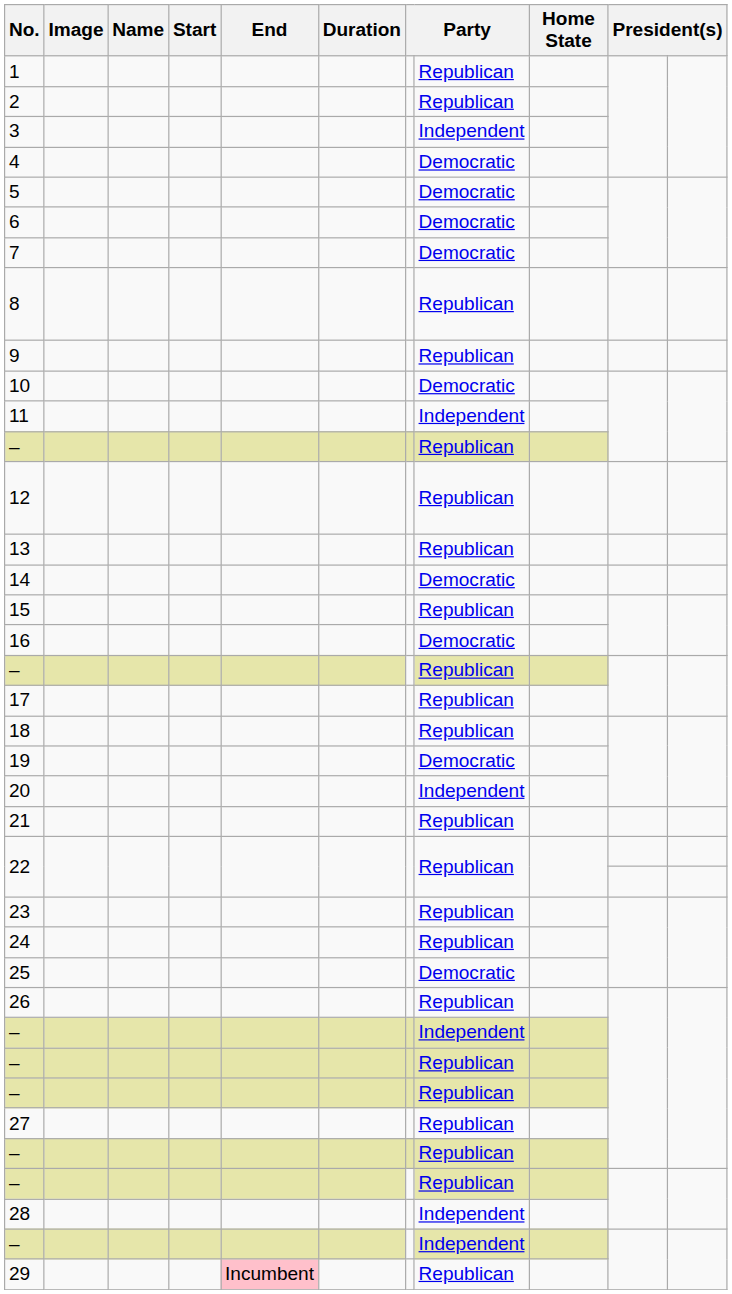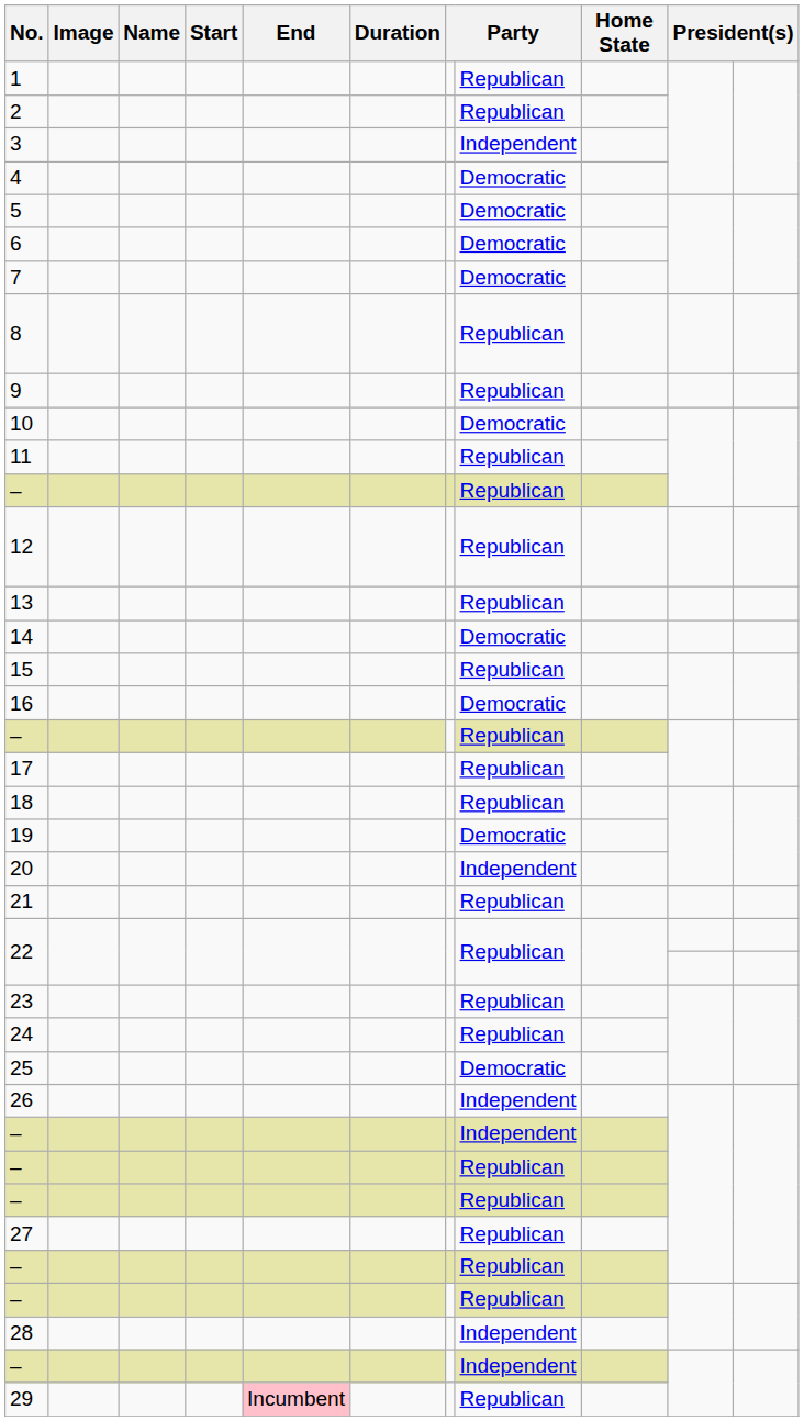 <table class="wikitable sortable">
 <tr>
 <th>No.</th>
 <th class=unsortable>Image</th>
 <th>Name</th>
 <th>Start</th>
 <th>End</th>
 <th>Duration</th>
 <th colspan=2>Party</th>
 <th>Home State</th>
 <th colspan=2>President(s)</th>
 </tr>
 <tr>
 <td>1</td>
 <td></td>
 <td></td>
 <td></td>
 <td></td>
 <td></td>
 <td style="background: "></td>
 <td><a href='#'>Republican</a></td>
 <td></td>
 <td rowspan=4 style="background: "></td>
 <td rowspan=4><br></td>
 </tr>
 <tr>
 <td>2</td>
 <td></td>
 <td></td>
 <td></td>
 <td></td>
 <td></td>
 <td style="background: "></td>
 <td><a href='#'>Republican</a></td>
 <td></td>
 </tr>
 <tr>
 <td>3</td>
 <td></td>
 <td></td>
 <td></td>
 <td></td>
 <td></td>
 <td style="background: "></td>
 <td><a href='#'>Independent</a></td>
 <td></td>
 </tr>
 <tr>
 <td>4</td>
 <td></td>
 <td></td>
 <td></td>
 <td></td>
 <td></td>
 <td style="background: "></td>
 <td><a href='#'>Democratic</a></td>
 <td></td>
 </tr>
 <tr>
 <td>5</td>
 <td></td>
 <td></td>
 <td></td>
 <td></td>
 <td></td>
 <td style="background: "></td>
 <td><a href='#'>Democratic</a></td>
 <td></td>
 <td rowspan=3 style="background: "></td>
 <td rowspan=3><br></td>
 </tr>
 <tr>
 <td>6</td>
 <td></td>
 <td></td>
 <td></td>
 <td></td>
 <td></td>
 <td style="background: "></td>
 <td><a href='#'>Democratic</a></td>
 <td></td>
 </tr>
 <tr>
 <td>7</td>
 <td></td>
 <td></td>
 <td></td>
 <td></td>
 <td></td>
 <td style="background: "></td>
 <td><a href='#'>Democratic</a></td>
 <td></td>
 </tr>
 <tr>
 <td>8</td>
 <td></td>
 <td></td>
 <td></td>
 <td></td>
 <td></td>
 <td style="background: "></td>
 <td><a href='#'>Republican</a></td>
 <td></td>
 <td style="background: "></td>
 <td><br><br><br></td>
 </tr>
 <tr>
 <td>9</td>
 <td></td>
 <td></td>
 <td></td>
 <td></td>
 <td></td>
 <td style="background: "></td>
 <td><a href='#'>Republican</a></td>
 <td></td>
 <td style="background: "></td>
 <td><br></td>
 </tr>
 <tr>
 <td>10</td>
 <td></td>
 <td></td>
 <td></td>
 <td></td>
 <td></td>
 <td style="background: "></td>
 <td><a href='#'>Democratic</a></td>
 <td></td>
 <td rowspan=3 style="background: "></td>
 <td rowspan=3><br></td>
 </tr>
 <tr>
 <td>11</td>
 <td></td>
 <td></td>
 <td></td>
 <td></td>
 <td></td>
 <td style="background: "></td>
-<td><a href='#'>Independent</a></td>
+<td><a href='#'>Republican</a></td>
 <td></td>
 </tr>
 <tr style="background:#e6e6aa;">
 <td>–</td>
 <td></td>
 <td><br></td>
 <td></td>
 <td></td>
 <td></td>
 <td style="background: "></td>
 <td><a href='#'>Republican</a></td>
 <td rowspan=""></td>
 </tr>
 <tr>
 <td>12</td>
 <td rowspan=></td>
 <td rowspan=></td>
 <td rowspan=></td>
 <td rowspan=></td>
 <td rowspan=></td>
 <td style="background: "></td>
 <td rowspan=><a href='#'>Republican</a></td>
 <td rowspan=></td>
 <td style="background: "></td>
 <td><br><br><br></td>
 </tr>
 <tr>
 <td>13</td>
 <td></td>
 <td></td>
 <td></td>
 <td></td>
 <td></td>
 <td style="background: "></td>
 <td><a href='#'>Republican</a></td>
 <td></td>
 <td rowspan=1 style="background: "></td>
 <td rowspan=><br></td>
 </tr>
 <tr>
 <td>14</td>
 <td></td>
 <td></td>
 <td></td>
 <td></td>
 <td></td>
 <td style="background: "></td>
 <td><a href='#'>Democratic</a></td>
 <td></td>
 <td style="background: "></td>
 <td><br></td>
 </tr>
 <tr>
 <td>15</td>
 <td></td>
 <td></td>
 <td></td>
 <td></td>
 <td></td>
 <td style="background: "></td>
 <td><a href='#'>Republican</a></td>
 <td></td>
 <td rowspan=2 style="background: "></td>
 <td rowspan=2><br></td>
 </tr>
 <tr>
 <td>16</td>
 <td></td>
 <td></td>
 <td></td>
 <td></td>
 <td></td>
 <td style="background: "></td>
 <td><a href='#'>Democratic</a></td>
 <td></td>
 </tr>
 <tr>
 <td style="background:#e6e6aa;">–</td>
 <td style="background:#e6e6aa;"></td>
 <td style="background:#e6e6aa;"><br></td>
 <td style="background:#e6e6aa;"></td>
 <td style="background:#e6e6aa;"></td>
 <td style="background:#e6e6aa;"></td>
 <td style="background: "></td>
 <td style="background:#e6e6aa;"><a href='#'>Republican</a></td>
 <td style="background:#e6e6aa;"></td>
 <td rowspan=2 style="background: "></td>
 <td rowspan=2><br></td>
 </tr>
 <tr>
 <td>17</td>
 <td></td>
 <td></td>
 <td></td>
 <td></td>
 <td></td>
 <td style="background: "></td>
 <td><a href='#'>Republican</a></td>
 <td></td>
 </tr>
 <tr>
 <td>18</td>
 <td></td>
 <td></td>
 <td></td>
 <td></td>
 <td></td>
 <td style="background: "></td>
 <td><a href='#'>Republican</a></td>
 <td></td>
 <td rowspan=3 style="background: "></td>
 <td rowspan=3><br></td>
 </tr>
 <tr>
 <td>19</td>
 <td></td>
 <td></td>
 <td></td>
 <td></td>
 <td></td>
 <td style="background: "></td>
 <td><a href='#'>Democratic</a></td>
 <td></td>
 </tr>
 <tr>
 <td>20</td>
 <td></td>
 <td></td>
 <td></td>
 <td></td>
 <td></td>
 <td style="background: "></td>
 <td><a href='#'>Independent</a></td>
 <td></td>
 </tr>
 <tr>
 <td>21</td>
 <td></td>
 <td></td>
 <td></td>
 <td></td>
 <td><br></td>
 <td style="background: "></td>
 <td><a href='#'>Republican</a></td>
 <td></td>
 <td rowspan=1 style="background: "></td>
 <td rowspan=><br></td>
 </tr>
 <tr>
 <td rowspan=2>22</td>
 <td rowspan=2></td>
 <td rowspan=2></td>
 <td rowspan=2></td>
 <td rowspan=2></td>
 <td rowspan=2></td>
 <td rowspan=2 style="background: "></td>
 <td rowspan=2><a href='#'>Republican</a></td>
 <td rowspan=2></td>
 <td rowspan=1 style="background: "></td>
 <td rowspan=><br></td>
 </tr>
 <tr>
 <td rowspan=1 style="background: "></td>
 <td><br></td>
 </tr>
 <tr>
 <td>23</td>
 <td></td>
 <td></td>
 <td></td>
 <td></td>
 <td></td>
 <td style="background: "></td>
 <td><a href='#'>Republican</a></td>
 <td></td>
 <td rowspan=3 style="background: "></td>
 <td rowspan=3><br></td>
 </tr>
 <tr>
 <td>24</td>
 <td></td>
 <td></td>
 <td></td>
 <td></td>
 <td></td>
 <td style="background: "></td>
 <td><a href='#'>Republican</a></td>
 <td></td>
 </tr>
 <tr>
 <td>25</td>
 <td></td>
 <td></td>
 <td></td>
 <td></td>
 <td></td>
 <td style="background: "></td>
 <td><a href='#'>Democratic</a></td>
 <td></td>
 </tr>
 <tr>
 <td>26</td>
 <td></td>
 <td></td>
 <td></td>
 <td></td>
 <td></td>
 <td style="background: "></td>
-<td><a href='#'>Republican</a></td>
+<td><a href='#'>Independent</a></td>
 <td></td>
 <td rowspan=6 style="background: "></td>
 <td rowspan=6><br></td>
 </tr>
 <tr style="background:#e6e6aa;">
 <td>–</td>
 <td></td>
 <td><br></td>
 <td></td>
 <td></td>
 <td></td>
 <td style="background: "></td>
 <td><a href='#'>Independent</a></td>
 <td></td>
 </tr>
 <tr style="background:#e6e6aa;">
 <td>–</td>
 <td></td>
 <td><br></td>
 <td></td>
 <td></td>
 <td></td>
 <td style="background: "></td>
 <td><a href='#'>Republican</a></td>
 <td></td>
 </tr>
 <tr style="background:#e6e6aa;">
 <td>–</td>
 <td></td>
 <td><br></td>
 <td></td>
 <td></td>
 <td></td>
 <td style="background: "></td>
 <td><a href='#'>Republican</a></td>
 <td></td>
 </tr>
 <tr>
 <td>27</td>
 <td></td>
 <td></td>
 <td></td>
 <td></td>
 <td></td>
 <td style="background: "></td>
 <td><a href='#'>Republican</a></td>
 <td></td>
 </tr>
 <tr style="background:#e6e6aa;">
 <td>–</td>
 <td></td>
 <td><br></td>
 <td></td>
 <td></td>
 <td></td>
 <td style="background: "></td>
 <td><a href='#'>Republican</a></td>
 <td></td>
 </tr>
 <tr>
 <td style="background:#e6e6aa;">–</td>
 <td style="background:#e6e6aa;"></td>
 <td style="background:#e6e6aa;"><br></td>
 <td style="background:#e6e6aa;"></td>
 <td style="background:#e6e6aa;"></td>
 <td style="background:#e6e6aa;"></td>
 <td style="background: "></td>
 <td style="background:#e6e6aa;"><a href='#'>Republican</a></td>
 <td style="background:#e6e6aa;"></td>
 <td rowspan=2 style="background: "></td>
 <td rowspan=2><br></td>
 </tr>
 <tr>
 <td>28</td>
 <td></td>
 <td></td>
 <td></td>
 <td></td>
 <td></td>
 <td style="background: "></td>
 <td><a href='#'>Independent</a></td>
 <td></td>
 </tr>
 <tr>
 <td style="background:#e6e6aa;">–</td>
 <td style="background:#e6e6aa;"></td>
 <td style="background:#e6e6aa;"><br></td>
 <td style="background:#e6e6aa;"></td>
 <td style="background:#e6e6aa;"></td>
 <td style="background:#e6e6aa;"></td>
 <td style="background: "></td>
 <td style="background:#e6e6aa;"><a href='#'>Independent</a></td>
 <td style="background:#e6e6aa;"></td>
 <td rowspan=2 style="background: "></td>
 <td rowspan=2><br></td>
 </tr>
 <tr>
 <td>29</td>
 <td></td>
 <td></td>
 <td></td>
 <td style="background: pink;">Incumbent</td>
 <td></td>
 <td style="background: "></td>
 <td><a href='#'>Republican</a></td>
 <td></td>
 </tr>
 </table>
